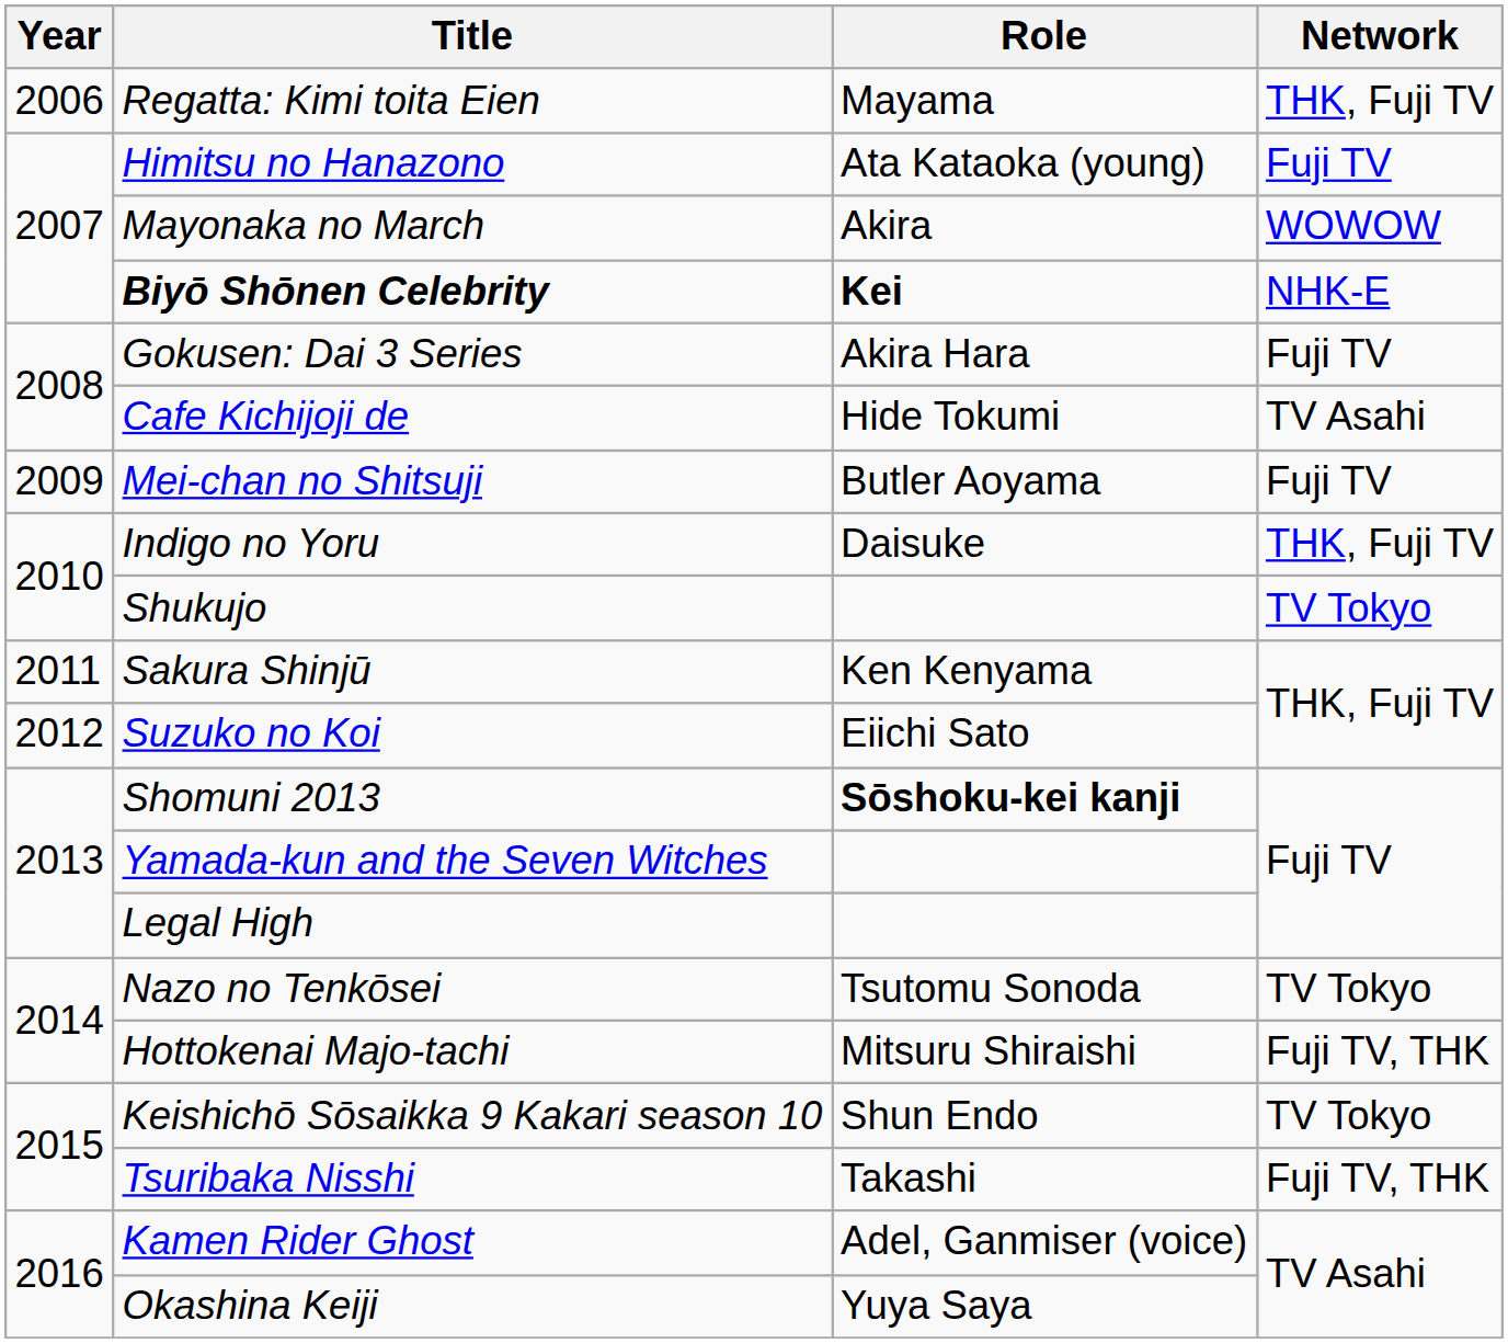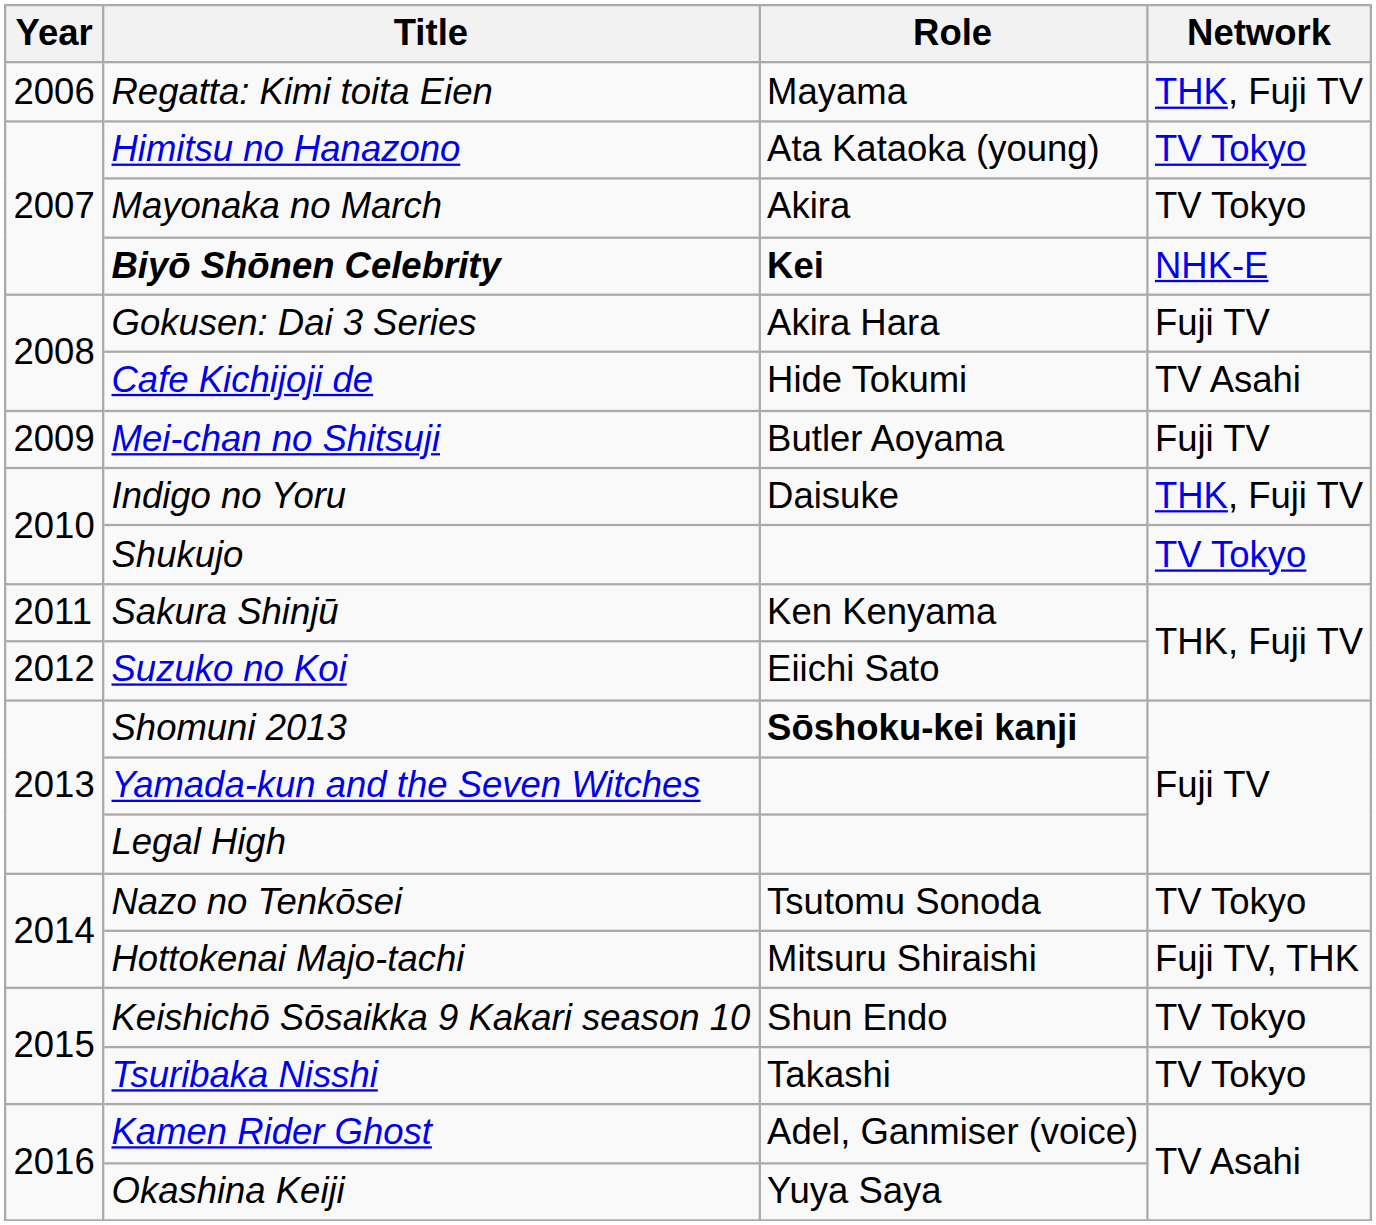 <table class="wikitable">
 <tr>
 <th>Year</th>
 <th>Title</th>
 <th>Role</th>
 <th>Network</th>
 </tr>
 <tr>
 <td>2006</td>
 <td><em>Regatta: Kimi toita Eien</em></td>
 <td>Mayama</td>
 <td><a href='#'>THK</a>, Fuji TV</td>
 </tr>
 <tr>
 <td rowspan="3">2007</td>
 <td><em><a href='#'>Himitsu no Hanazono</a></em></td>
 <td>Ata Kataoka (young)</td>
-<td><a href='#'>Fuji TV</a></td>
+<td><a href='#'>TV Tokyo</a></td>
 </tr>
 <tr>
 <td><em>Mayonaka no March</em></td>
 <td>Akira</td>
-<td><a href='#'>WOWOW</a></td>
+<td>TV Tokyo</td>
 </tr>
 <tr>
 <td><strong><em>Biyō Shōnen Celebrity</em></strong></td>
 <td><strong>Kei</strong></td>
 <td><a href='#'>NHK-E</a></td>
 </tr>
 <tr>
 <td rowspan="2'">2008</td>
 <td><em>Gokusen: Dai 3 Series</em></td>
 <td>Akira Hara</td>
 <td>Fuji TV</td>
 </tr>
 <tr>
 <td><em><a href='#'>Cafe Kichijoji de</a></em></td>
 <td>Hide Tokumi</td>
 <td>TV Asahi</td>
 </tr>
 <tr>
 <td>2009</td>
 <td><em><a href='#'>Mei-chan no Shitsuji</a></em></td>
 <td>Butler Aoyama</td>
 <td>Fuji TV</td>
 </tr>
 <tr>
 <td rowspan="2">2010</td>
 <td><em>Indigo no Yoru</em></td>
 <td>Daisuke</td>
 <td><a href='#'>THK</a>, Fuji TV</td>
 </tr>
 <tr>
 <td><em>Shukujo</em></td>
 <td></td>
 <td><a href='#'>TV Tokyo</a></td>
 </tr>
 <tr>
 <td>2011</td>
 <td><em>Sakura Shinjū</em></td>
 <td>Ken Kenyama</td>
 <td rowspan="2">THK, Fuji TV</td>
 </tr>
 <tr>
 <td>2012</td>
 <td><em><a href='#'>Suzuko no Koi</a></em></td>
 <td>Eiichi Sato</td>
 </tr>
 <tr>
 <td rowspan="3">2013</td>
 <td><em>Shomuni 2013</em></td>
 <td><strong>Sōshoku-kei kanji</strong></td>
 <td rowspan="3">Fuji TV</td>
 </tr>
 <tr>
 <td><em><a href='#'>Yamada-kun and the Seven Witches</a></em></td>
 <td></td>
 </tr>
 <tr>
 <td><em>Legal High</em></td>
 <td></td>
 </tr>
 <tr>
 <td rowspan="2">2014</td>
 <td><em>Nazo no Tenkōsei</em></td>
 <td>Tsutomu Sonoda</td>
 <td>TV Tokyo</td>
 </tr>
 <tr>
 <td><em>Hottokenai Majo-tachi</em></td>
 <td>Mitsuru Shiraishi</td>
 <td>Fuji TV, THK</td>
 </tr>
 <tr>
 <td rowspan="2">2015</td>
 <td><em>Keishichō Sōsaikka 9 Kakari season 10</em></td>
 <td>Shun Endo</td>
 <td>TV Tokyo</td>
 </tr>
 <tr>
 <td><em><a href='#'>Tsuribaka Nisshi</a></em></td>
 <td>Takashi</td>
-<td>Fuji TV, THK</td>
+<td>TV Tokyo</td>
 </tr>
 <tr>
 <td rowspan="2">2016</td>
 <td><em><a href='#'>Kamen Rider Ghost</a></em></td>
 <td>Adel, Ganmiser (voice)</td>
 <td rowspan="2">TV Asahi</td>
 </tr>
 <tr>
 <td><em>Okashina Keiji</em></td>
 <td>Yuya Saya</td>
 </tr>
 </table>
